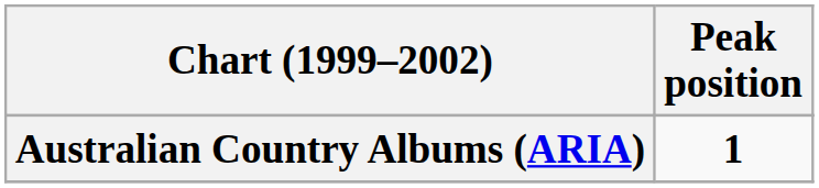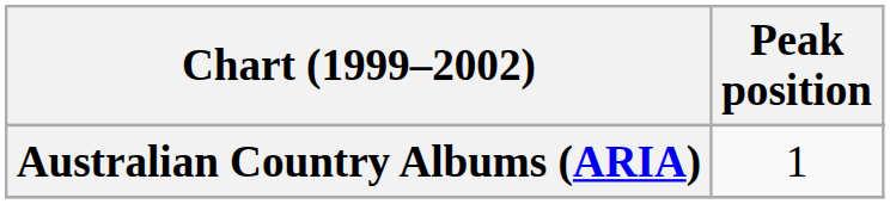 <table class="wikitable sortable plainrowheaders">
 <tr>
 <th scope="col">Chart (1999–2002)</th>
 <th scope="col">Peak<br>position</th>
 </tr>
 <tr>
 </tr>
 <tr>
 <th scope="row">Australian Country Albums (<a href='#'>ARIA</a>)</th>
-<td align="center"><strong>1</strong></td>
+<td align="center">1</td>
 </tr>
 <tr>
 </tr>
 </table>
